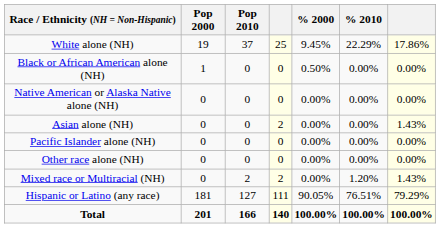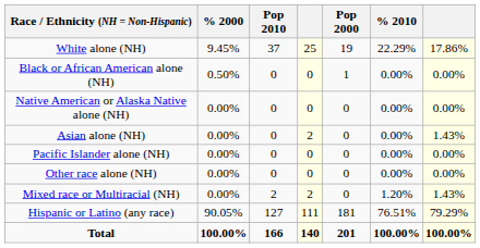 <table class="wikitable" style="text-align:center;">
 <tr>
 <th>Race / Ethnicity <small>(<em>NH = Non-Hispanic</em>)</small></th>
-<th>Pop 2000</th>
+<th>% 2000</th>
 <th>Pop 2010</th>
 <th></th>
-<th>% 2000</th>
+<th>Pop 2000</th>
 <th>% 2010</th>
 <th></th>
 </tr>
 <tr>
 <td><a href='#'>White</a> alone (NH)</td>
-<td>19</td>
+<td>9.45%</td>
 <td>37</td>
 <td style='background: #ffffe6;'>25</td>
-<td>9.45%</td>
+<td>19</td>
 <td>22.29%</td>
 <td style='background: #ffffe6;'>17.86%</td>
 </tr>
 <tr>
 <td><a href='#'>Black or African American</a> alone (NH)</td>
-<td>1</td>
+<td>0.50%</td>
 <td>0</td>
 <td style='background: #ffffe6;'>0</td>
-<td>0.50%</td>
+<td>1</td>
 <td>0.00%</td>
 <td style='background: #ffffe6;'>0.00%</td>
 </tr>
 <tr>
 <td><a href='#'>Native American</a> or <a href='#'>Alaska Native</a> alone (NH)</td>
-<td>0</td>
+<td>0.00%</td>
 <td>0</td>
 <td style='background: #ffffe6;'>0</td>
-<td>0.00%</td>
+<td>0</td>
 <td>0.00%</td>
 <td style='background: #ffffe6;'>0.00%</td>
 </tr>
 <tr>
 <td><a href='#'>Asian</a> alone (NH)</td>
-<td>0</td>
+<td>0.00%</td>
 <td>0</td>
 <td style='background: #ffffe6;'>2</td>
-<td>0.00%</td>
+<td>0</td>
 <td>0.00%</td>
 <td style='background: #ffffe6;'>1.43%</td>
 </tr>
 <tr>
 <td><a href='#'>Pacific Islander</a> alone (NH)</td>
-<td>0</td>
+<td>0.00%</td>
 <td>0</td>
 <td style='background: #ffffe6;'>0</td>
-<td>0.00%</td>
+<td>0</td>
 <td>0.00%</td>
 <td style='background: #ffffe6;'>0.00%</td>
 </tr>
 <tr>
 <td><a href='#'>Other race</a> alone (NH)</td>
-<td>0</td>
+<td>0.00%</td>
 <td>0</td>
 <td style='background: #ffffe6;'>0</td>
-<td>0.00%</td>
+<td>0</td>
 <td>0.00%</td>
 <td style='background: #ffffe6;'>0.00%</td>
 </tr>
 <tr>
 <td><a href='#'>Mixed race or Multiracial</a> (NH)</td>
-<td>0</td>
+<td>0.00%</td>
 <td>2</td>
 <td style='background: #ffffe6;'>2</td>
-<td>0.00%</td>
+<td>0</td>
 <td>1.20%</td>
 <td style='background: #ffffe6;'>1.43%</td>
 </tr>
 <tr>
 <td><a href='#'>Hispanic or Latino</a> (any race)</td>
-<td>181</td>
+<td>90.05%</td>
 <td>127</td>
 <td style='background: #ffffe6;'>111</td>
-<td>90.05%</td>
+<td>181</td>
 <td>76.51%</td>
 <td style='background: #ffffe6;'>79.29%</td>
 </tr>
 <tr>
 <td><strong>Total</strong></td>
-<td><strong>201</strong></td>
+<td><strong>100.00%</strong></td>
 <td><strong>166</strong></td>
 <td style='background: #ffffe6;'><strong>140</strong></td>
-<td><strong>100.00%</strong></td>
+<td><strong>201</strong></td>
 <td><strong>100.00%</strong></td>
 <td style='background: #ffffe6;'><strong>100.00%</strong></td>
 </tr>
 </table>
